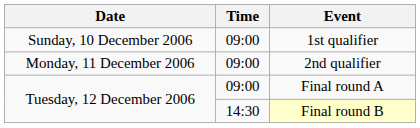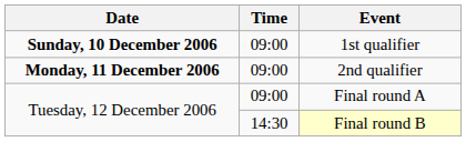 <table class = "wikitable" style="text-align:center;">
 <tr>
 <th width=220>Date</th>
 <th width=50>Time</th>
 <th width=150>Event</th>
 </tr>
 <tr>
-<td>Sunday, 10 December 2006</td>
+<td><strong>Sunday, 10 December 2006</strong></td>
 <td>09:00</td>
 <td>1st qualifier</td>
 </tr>
 <tr>
-<td>Monday, 11 December 2006</td>
+<td><strong>Monday, 11 December 2006</strong></td>
 <td>09:00</td>
 <td>2nd qualifier</td>
 </tr>
 <tr>
 <td rowspan=2>Tuesday, 12 December 2006</td>
 <td>09:00</td>
 <td>Final round A</td>
 </tr>
 <tr>
 <td>14:30</td>
 <td bgcolor=ffffcc>Final round B</td>
 </tr>
 </table>
